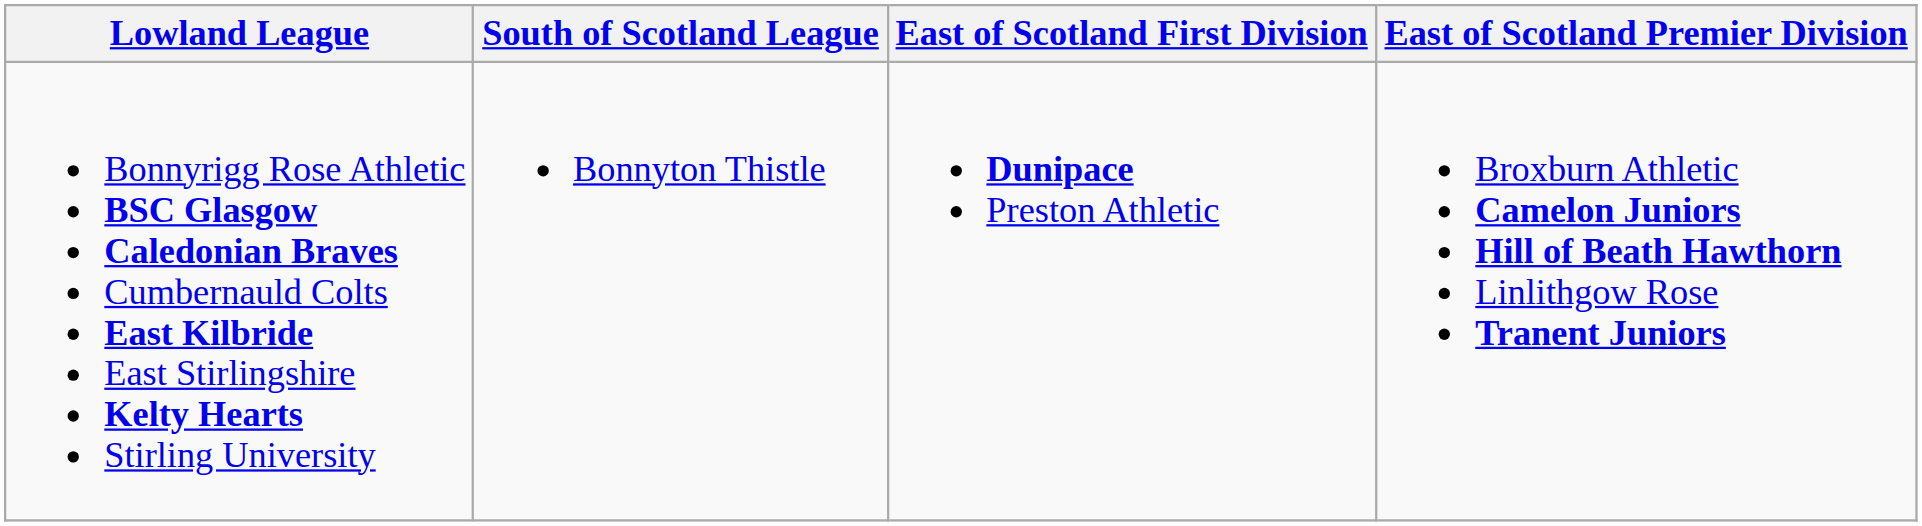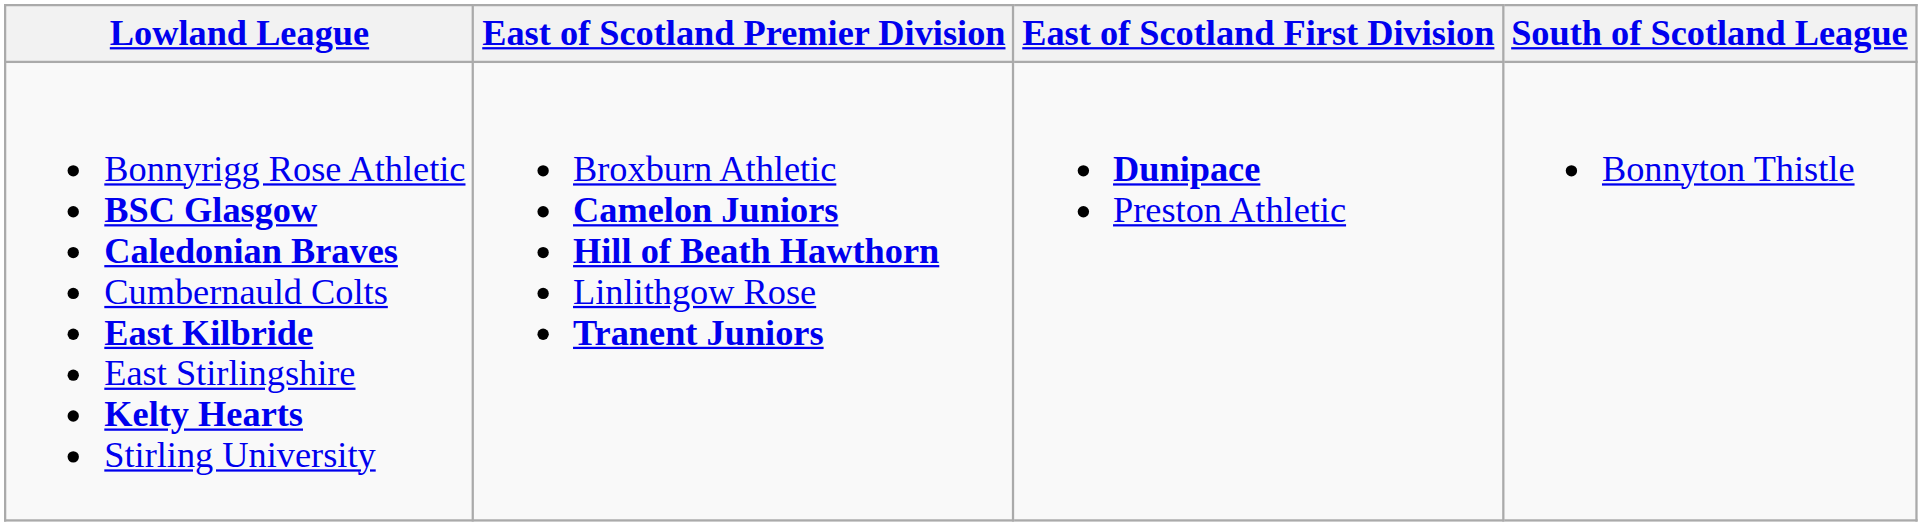 <table class="wikitable" style="text-align:left">
 <tr>
 <th><a href='#'>Lowland League</a></th>
+<th><a href='#'>East of Scotland Premier Division</a></th>
+<th><a href='#'>East of Scotland First Division</a></th>
 <th><a href='#'>South of Scotland League</a></th>
-<th><a href='#'>East of Scotland First Division</a></th>
-<th><a href='#'>East of Scotland Premier Division</a></th>
 </tr>
 <tr>
 <td valign=top><br><ul><li><a href='#'>Bonnyrigg Rose Athletic</a></li><li><strong><a href='#'>BSC Glasgow</a></strong></li><li><strong><a href='#'>Caledonian Braves</a></strong></li><li><a href='#'>Cumbernauld Colts</a></li><li><strong><a href='#'>East Kilbride</a></strong></li><li><a href='#'>East Stirlingshire</a></li><li><strong><a href='#'>Kelty Hearts</a></strong></li><li><a href='#'>Stirling University</a></li></ul></td>
+<td valign=top><br><ul><li><a href='#'>Broxburn Athletic</a></li><li><strong><a href='#'>Camelon Juniors</a></strong></li><li><strong><a href='#'>Hill of Beath Hawthorn</a></strong></li><li><a href='#'>Linlithgow Rose</a></li><li><strong><a href='#'>Tranent Juniors</a></strong></li></ul></td>
+<td valign=top><br><ul><li><strong><a href='#'>Dunipace</a></strong></li><li><a href='#'>Preston Athletic</a></li></ul></td>
 <td valign=top><br><ul><li><a href='#'>Bonnyton Thistle</a></li></ul></td>
-<td valign=top><br><ul><li><strong><a href='#'>Dunipace</a></strong></li><li><a href='#'>Preston Athletic</a></li></ul></td>
-<td valign=top><br><ul><li><a href='#'>Broxburn Athletic</a></li><li><strong><a href='#'>Camelon Juniors</a></strong></li><li><strong><a href='#'>Hill of Beath Hawthorn</a></strong></li><li><a href='#'>Linlithgow Rose</a></li><li><strong><a href='#'>Tranent Juniors</a></strong></li></ul></td>
 </tr>
 </table>
